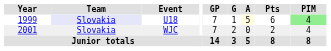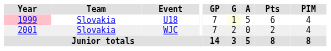 <table border="0" cellpadding="1" cellspacing="0" ID="Table3" style="text-align:center; width:40em">
 <tr bgcolor="#e0e0e0">
 <th>Year</th>
 <th>Team</th>
 <th>Event</th>
 <th rowspan="102" bgcolor="#ffffff"></th>
 <th>GP</th>
 <th>G</th>
 <th>A</th>
 <th>Pts</th>
 <th>PIM</th>
 </tr>
 <tr>
-<td><a href='#'>1999</a></td>
-<td style="background: lavender;"><a href='#'>Slovakia</a></td>
+<td style="background: pink;"><a href='#'>1999</a></td>
+<td><a href='#'>Slovakia</a></td>
 <td><a href='#'>U18</a></td>
 <td>7</td>
-<td>1</td>
-<td style="background: lightyellow;">5</td>
+<td style="background: lightyellow;">1</td>
+<td>5</td>
 <td>6</td>
-<td style="background: lightgreen;">4</td>
+<td>4</td>
 </tr>
 <tr bgcolor="#f0f0f0">
 <td><a href='#'>2001</a></td>
 <td><a href='#'>Slovakia</a></td>
 <td><a href='#'>WJC</a></td>
 <td>7</td>
 <td>2</td>
 <td>0</td>
 <td>2</td>
 <td>4</td>
 </tr>
 <tr bgcolor="#e0e0e0">
 <th colspan="4">Junior totals</th>
 <th>14</th>
 <th>3</th>
 <th>5</th>
 <th>8</th>
 <th>8</th>
 </tr>
 </table>
